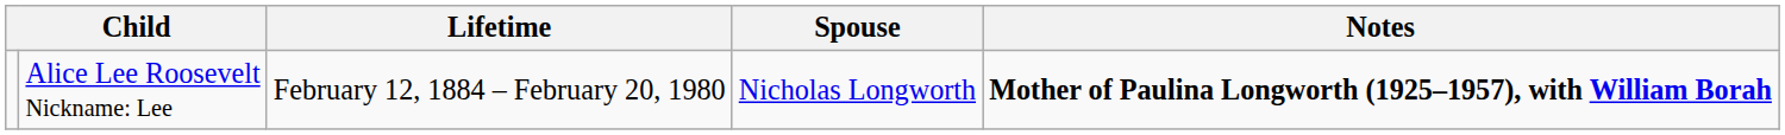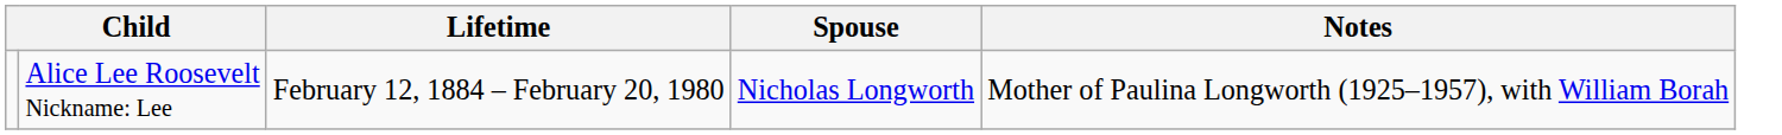 <table class="wikitable">
 <tr>
 <th colspan="2">Child</th>
 <th>Lifetime</th>
 <th>Spouse</th>
 <th>Notes</th>
 </tr>
 <tr>
 <td></td>
 <td><a href='#'>Alice Lee Roosevelt</a><br><small>Nickname: Lee</small></td>
 <td>February 12, 1884 – February 20, 1980</td>
 <td><a href='#'>Nicholas Longworth</a></td>
-<td><strong>Mother of Paulina Longworth (1925–1957), with <a href='#'>William Borah</a></strong></td>
+<td>Mother of Paulina Longworth (1925–1957), with <a href='#'>William Borah</a></td>
 </tr>
 </table>
